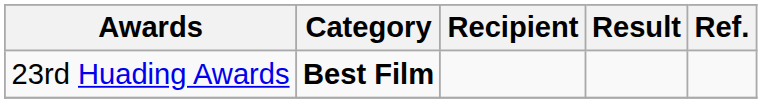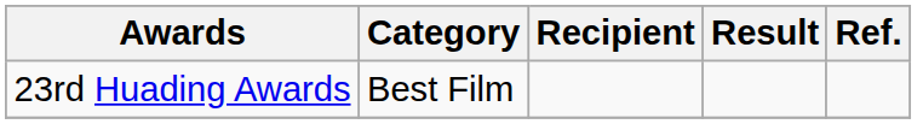 <table class="wikitable">
 <tr>
 <th>Awards</th>
 <th>Category</th>
 <th>Recipient</th>
 <th>Result</th>
 <th>Ref.</th>
 </tr>
 <tr>
 <td>23rd <a href='#'>Huading Awards</a></td>
-<td><strong>Best Film</strong></td>
+<td>Best Film</td>
 <td></td>
 <td></td>
 <td></td>
 </tr>
 <tr>
 </tr>
 </table>
